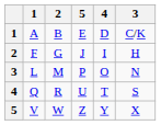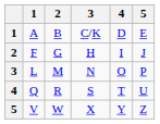 <table class="wikitable" align=right style="width:100%; width:200px; text-align:center;">
 <tr>
 <th></th>
 <th>1</th>
 <th>2</th>
+<th>3</th>
+<th>4</th>
 <th>5</th>
-<th>4</th>
-<th>3</th>
 </tr>
 <tr>
 <th>1</th>
 <td><a href='#'>A</a></td>
 <td><a href='#'>B</a></td>
+<td><a href='#'>C</a>/<a href='#'>K</a></td>
+<td><a href='#'>D</a></td>
 <td><a href='#'>E</a></td>
-<td><a href='#'>D</a></td>
-<td><a href='#'>C</a>/<a href='#'>K</a></td>
 </tr>
 <tr>
 <th>2</th>
 <td><a href='#'>F</a></td>
 <td><a href='#'>G</a></td>
+<td><a href='#'>H</a></td>
+<td><a href='#'>I</a></td>
 <td><a href='#'>J</a></td>
-<td><a href='#'>I</a></td>
-<td><a href='#'>H</a></td>
 </tr>
 <tr>
 <th>3</th>
 <td><a href='#'>L</a></td>
 <td><a href='#'>M</a></td>
+<td><a href='#'>N</a></td>
+<td><a href='#'>O</a></td>
 <td><a href='#'>P</a></td>
-<td><a href='#'>O</a></td>
-<td><a href='#'>N</a></td>
 </tr>
 <tr>
 <th>4</th>
 <td><a href='#'>Q</a></td>
 <td><a href='#'>R</a></td>
+<td><a href='#'>S</a></td>
+<td><a href='#'>T</a></td>
 <td><a href='#'>U</a></td>
-<td><a href='#'>T</a></td>
-<td><a href='#'>S</a></td>
 </tr>
 <tr>
 <th>5</th>
 <td><a href='#'>V</a></td>
 <td><a href='#'>W</a></td>
+<td><a href='#'>X</a></td>
+<td><a href='#'>Y</a></td>
 <td><a href='#'>Z</a></td>
-<td><a href='#'>Y</a></td>
-<td><a href='#'>X</a></td>
 </tr>
 </table>
